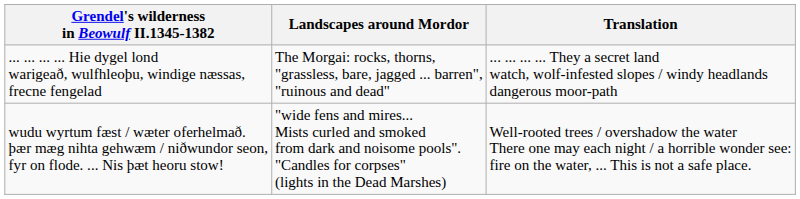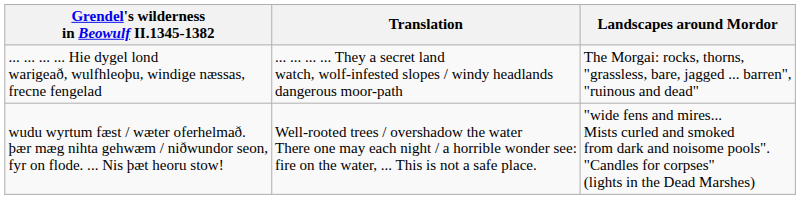 <table class="wikitable" style="margin: 1em auto;">
 <tr>
 <th><a href='#'>Grendel</a>'s wilderness<br>in <em><a href='#'>Beowulf</a></em> II.1345-1382</th>
+<th>Translation</th>
 <th>Landscapes around Mordor</th>
-<th>Translation</th>
 </tr>
 <tr>
 <td>... ... ... ... Hie dygel lond<br>warigeað, wulfhleoþu, windige næssas,<br>frecne fengelad</td>
+<td>... ... ... ... They a secret land<br>watch, wolf-infested slopes / windy headlands<br>dangerous moor-path</td>
 <td>The Morgai: rocks, thorns,<br>"grassless, bare, jagged ... barren",<br>"ruinous and dead"</td>
-<td>... ... ... ... They a secret land<br>watch, wolf-infested slopes / windy headlands<br>dangerous moor-path</td>
 </tr>
 <tr>
 <td>wudu wyrtum fæst / wæter oferhelmað.<br>þær mæg nihta gehwæm / niðwundor seon,<br>fyr on flode. ... Nis þæt heoru stow!</td>
+<td>Well-rooted trees / overshadow the water<br>There one may each night / a horrible wonder see:<br>fire on the water, ... This is not a safe place.</td>
 <td>"wide fens and mires...<br>Mists curled and smoked<br>from dark and noisome pools".<br>"Candles for corpses"<br>(lights in the Dead Marshes)</td>
-<td>Well-rooted trees / overshadow the water<br>There one may each night / a horrible wonder see:<br>fire on the water, ... This is not a safe place.</td>
 </tr>
 </table>
